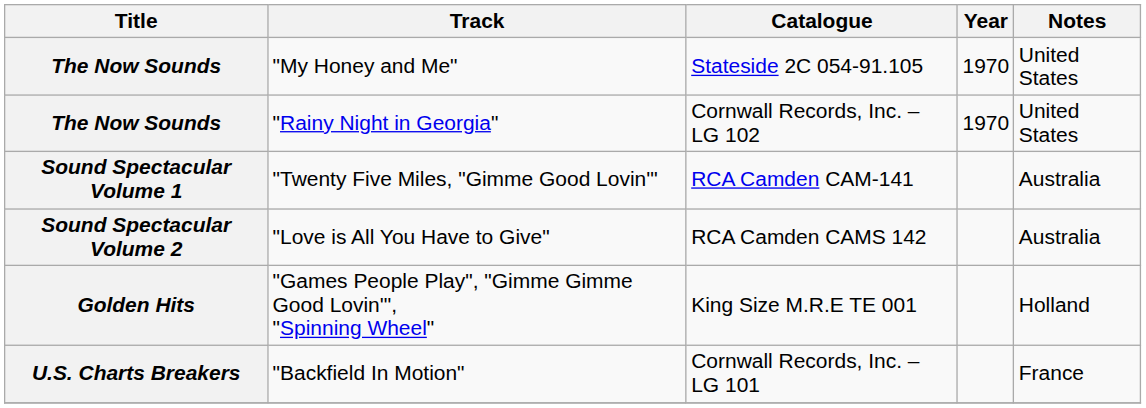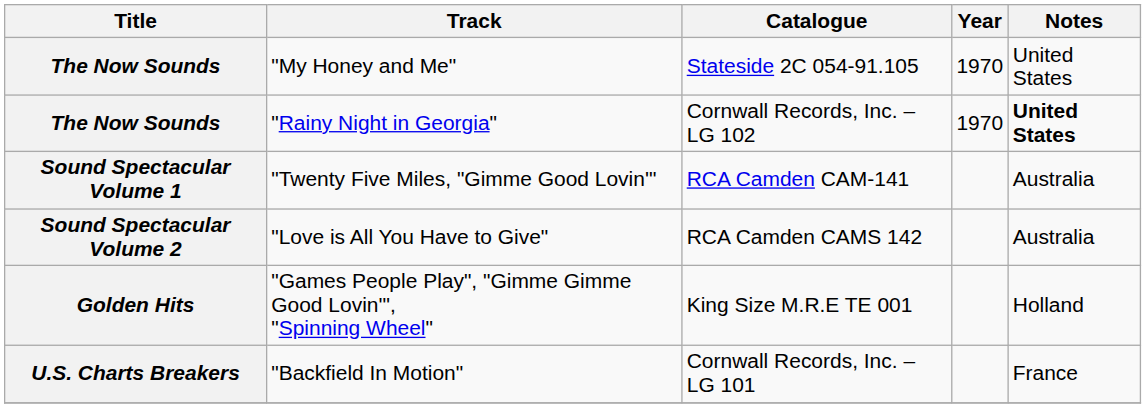 <table class="wikitable plainrowheaders sortable">
 <tr>
 <th scope="col" class="unsortable">Title</th>
 <th scope="col">Track</th>
 <th scope="col">Catalogue</th>
 <th scope="col">Year</th>
 <th scope="col" class="unsortable">Notes</th>
 </tr>
 <tr>
 <th scope="row"><em>The Now Sounds</em></th>
 <td>"My Honey and Me"</td>
 <td><a href='#'>Stateside</a> 2C 054-91.105</td>
 <td>1970</td>
 <td>United States</td>
 </tr>
 <tr>
 <th scope="row"><em>The Now Sounds</em></th>
 <td>"<a href='#'>Rainy Night in Georgia</a>"</td>
 <td>Cornwall Records, Inc. – LG 102</td>
 <td>1970</td>
-<td>United States</td>
+<td><strong>United States</strong></td>
 </tr>
 <tr>
 <th scope="row"><em>Sound Spectacular Volume 1</em></th>
 <td>"Twenty Five Miles, "Gimme Good Lovin'"</td>
 <td><a href='#'>RCA Camden</a> CAM-141</td>
 <td></td>
 <td>Australia</td>
 </tr>
 <tr>
 <th scope="row"><em> Sound Spectacular Volume 2</em></th>
 <td>"Love is All You Have to Give"</td>
 <td>RCA Camden CAMS 142</td>
 <td></td>
 <td>Australia</td>
 </tr>
 <tr>
 <th scope="row"><em>Golden Hits</em></th>
 <td>"Games People Play", "Gimme Gimme Good Lovin'",<br>"<a href='#'>Spinning Wheel</a>"</td>
 <td>King Size M.R.E TE 001</td>
 <td></td>
 <td>Holland</td>
 </tr>
 <tr>
 <th scope="row"><em>U.S. Charts Breakers</em></th>
 <td>"Backfield In Motion"</td>
 <td>Cornwall Records, Inc. – LG 101</td>
 <td></td>
 <td>France</td>
 </tr>
 <tr>
 </tr>
 </table>
